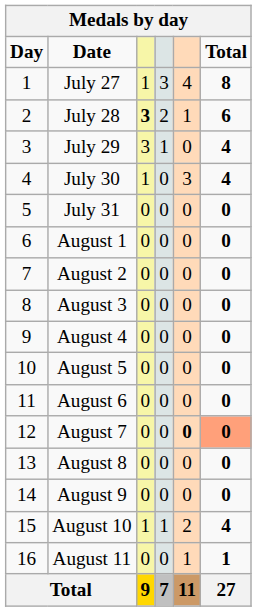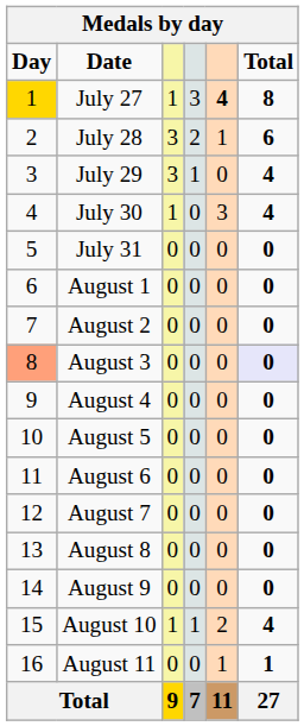 <table class=wikitable style="font-size:85%; float:right;text-align:center">
 <tr>
 <th colspan=7>Medals by day</th>
 </tr>
 <tr>
 <td><strong>Day</strong></td>
 <td><strong>Date</strong></td>
 <td bgcolor=F7F6A8></td>
 <td bgcolor=DCE5E5></td>
 <td bgcolor=FFDAB9></td>
 <td><strong>Total</strong></td>
 </tr>
 <tr>
-<td>1</td>
+<td style="background: gold;">1</td>
 <td>July 27</td>
 <td bgcolor=F7F6A8>1</td>
 <td bgcolor=DCE5E5>3</td>
-<td bgcolor=FFDAB9>4</td>
+<td bgcolor=FFDAB9><strong>4</strong></td>
 <td><strong>8</strong></td>
 </tr>
 <tr>
 <td>2</td>
 <td>July 28</td>
-<td bgcolor=F7F6A8><strong>3</strong></td>
+<td bgcolor=F7F6A8>3</td>
 <td bgcolor=DCE5E5>2</td>
 <td bgcolor=FFDAB9>1</td>
 <td><strong>6</strong></td>
 </tr>
 <tr>
 <td>3</td>
 <td>July 29</td>
 <td bgcolor=F7F6A8>3</td>
 <td bgcolor=DCE5E5>1</td>
 <td bgcolor=FFDAB9>0</td>
 <td><strong>4</strong></td>
 </tr>
 <tr>
 <td>4</td>
 <td>July 30</td>
 <td bgcolor=F7F6A8>1</td>
 <td bgcolor=DCE5E5>0</td>
 <td bgcolor=FFDAB9>3</td>
 <td><strong>4</strong></td>
 </tr>
 <tr>
 <td>5</td>
 <td>July 31</td>
 <td bgcolor=F7F6A8>0</td>
 <td bgcolor=DCE5E5>0</td>
 <td bgcolor=FFDAB9>0</td>
 <td><strong>0</strong></td>
 </tr>
 <tr>
 <td>6</td>
 <td>August 1</td>
 <td bgcolor=F7F6A8>0</td>
 <td bgcolor=DCE5E5>0</td>
 <td bgcolor=FFDAB9>0</td>
 <td><strong>0</strong></td>
 </tr>
 <tr>
 <td>7</td>
 <td>August 2</td>
 <td bgcolor=F7F6A8>0</td>
 <td bgcolor=DCE5E5>0</td>
 <td bgcolor=FFDAB9>0</td>
 <td><strong>0</strong></td>
 </tr>
 <tr>
-<td>8</td>
+<td style="background: lightsalmon;">8</td>
 <td>August 3</td>
 <td bgcolor=F7F6A8>0</td>
 <td bgcolor=DCE5E5>0</td>
 <td bgcolor=FFDAB9>0</td>
-<td><strong>0</strong></td>
+<td style="background: lavender;"><strong>0</strong></td>
 </tr>
 <tr>
 <td>9</td>
 <td>August 4</td>
 <td bgcolor=F7F6A8>0</td>
 <td bgcolor=DCE5E5>0</td>
 <td bgcolor=FFDAB9>0</td>
 <td><strong>0</strong></td>
 </tr>
 <tr>
 <td>10</td>
 <td>August 5</td>
 <td bgcolor=F7F6A8>0</td>
 <td bgcolor=DCE5E5>0</td>
 <td bgcolor=FFDAB9>0</td>
 <td><strong>0</strong></td>
 </tr>
 <tr>
 <td>11</td>
 <td>August 6</td>
 <td bgcolor=F7F6A8>0</td>
 <td bgcolor=DCE5E5>0</td>
 <td bgcolor=FFDAB9>0</td>
 <td><strong>0</strong></td>
 </tr>
 <tr>
 <td>12</td>
 <td>August 7</td>
 <td bgcolor=F7F6A8>0</td>
 <td bgcolor=DCE5E5>0</td>
-<td bgcolor=FFDAB9><strong>0</strong></td>
-<td style="background: lightsalmon;"><strong>0</strong></td>
+<td bgcolor=FFDAB9>0</td>
+<td><strong>0</strong></td>
 </tr>
 <tr>
 <td>13</td>
 <td>August 8</td>
 <td bgcolor=F7F6A8>0</td>
 <td bgcolor=DCE5E5>0</td>
 <td bgcolor=FFDAB9>0</td>
 <td><strong>0</strong></td>
 </tr>
 <tr>
 <td>14</td>
 <td>August 9</td>
 <td bgcolor=F7F6A8>0</td>
 <td bgcolor=DCE5E5>0</td>
 <td bgcolor=FFDAB9>0</td>
 <td><strong>0</strong></td>
 </tr>
 <tr>
 <td>15</td>
 <td>August 10</td>
 <td bgcolor=F7F6A8>1</td>
 <td bgcolor=DCE5E5>1</td>
 <td bgcolor=FFDAB9>2</td>
 <td><strong>4</strong></td>
 </tr>
 <tr>
 <td>16</td>
 <td>August 11</td>
 <td bgcolor=F7F6A8>0</td>
 <td bgcolor=DCE5E5>0</td>
 <td bgcolor=FFDAB9>1</td>
 <td><strong>1</strong></td>
 </tr>
 <tr>
 <th colspan=2>Total</th>
 <th style=background:gold>9</th>
 <th style=background:silver>7</th>
 <th style=background:#C96>11</th>
 <th>27</th>
 </tr>
 </table>
